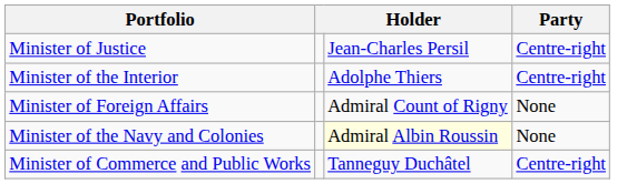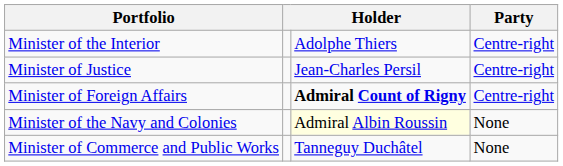 <table class="wikitable">
 <tr>
 <th>Portfolio</th>
 <th colspan=2>Holder</th>
 <th>Party</th>
+</tr>
+<tr>
+<td><a href='#'>Minister of the Interior</a></td>
+<td style="background:"></td>
+<td><a href='#'>Adolphe Thiers</a></td>
+<td><a href='#'>Centre-right</a></td>
 </tr>
 <tr>
 <td><a href='#'>Minister of Justice</a></td>
 <td style="background:"></td>
 <td><a href='#'>Jean-Charles Persil</a></td>
 <td><a href='#'>Centre-right</a></td>
 </tr>
 <tr>
-<td><a href='#'>Minister of the Interior</a></td>
-<td style="background:"></td>
-<td><a href='#'>Adolphe Thiers</a></td>
-<td><a href='#'>Centre-right</a></td>
-</tr>
-<tr>
 <td><a href='#'>Minister of Foreign Affairs</a></td>
 <td style="background:"></td>
-<td>Admiral <a href='#'>Count of Rigny</a></td>
-<td>None</td>
+<td><strong>Admiral <a href='#'>Count of Rigny</a></strong></td>
+<td><a href='#'>Centre-right</a></td>
 </tr>
 <tr>
 <td><a href='#'>Minister of the Navy and Colonies</a></td>
 <td style="background:"></td>
 <td style="background: lightyellow;">Admiral <a href='#'>Albin Roussin</a></td>
 <td>None</td>
 </tr>
 <tr>
 <td><a href='#'>Minister of Commerce</a> <a href='#'>and Public Works</a></td>
 <td style="background:"></td>
 <td><a href='#'>Tanneguy Duchâtel</a></td>
-<td><a href='#'>Centre-right</a></td>
+<td>None</td>
 </tr>
 </table>
